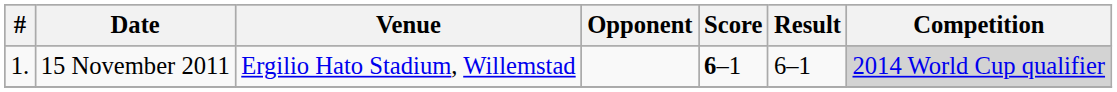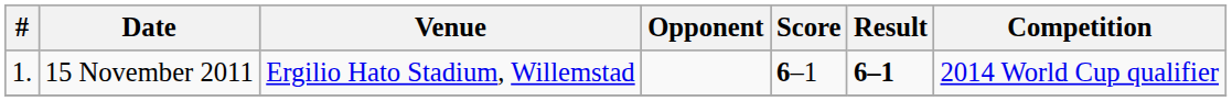 <table class="wikitable" style="font-size:90%">
 <tr>
 <th>#</th>
 <th>Date</th>
 <th>Venue</th>
 <th>Opponent</th>
 <th>Score</th>
 <th>Result</th>
 <th>Competition</th>
 </tr>
 <tr>
 <td>1.</td>
 <td>15 November 2011</td>
 <td><a href='#'>Ergilio Hato Stadium</a>, <a href='#'>Willemstad</a></td>
 <td></td>
 <td><strong>6</strong>–1</td>
-<td>6–1</td>
-<td style="background: lightgrey;"><a href='#'>2014 World Cup qualifier</a></td>
+<td><strong>6–1</strong></td>
+<td><a href='#'>2014 World Cup qualifier</a></td>
 </tr>
 <tr>
 </tr>
 </table>
